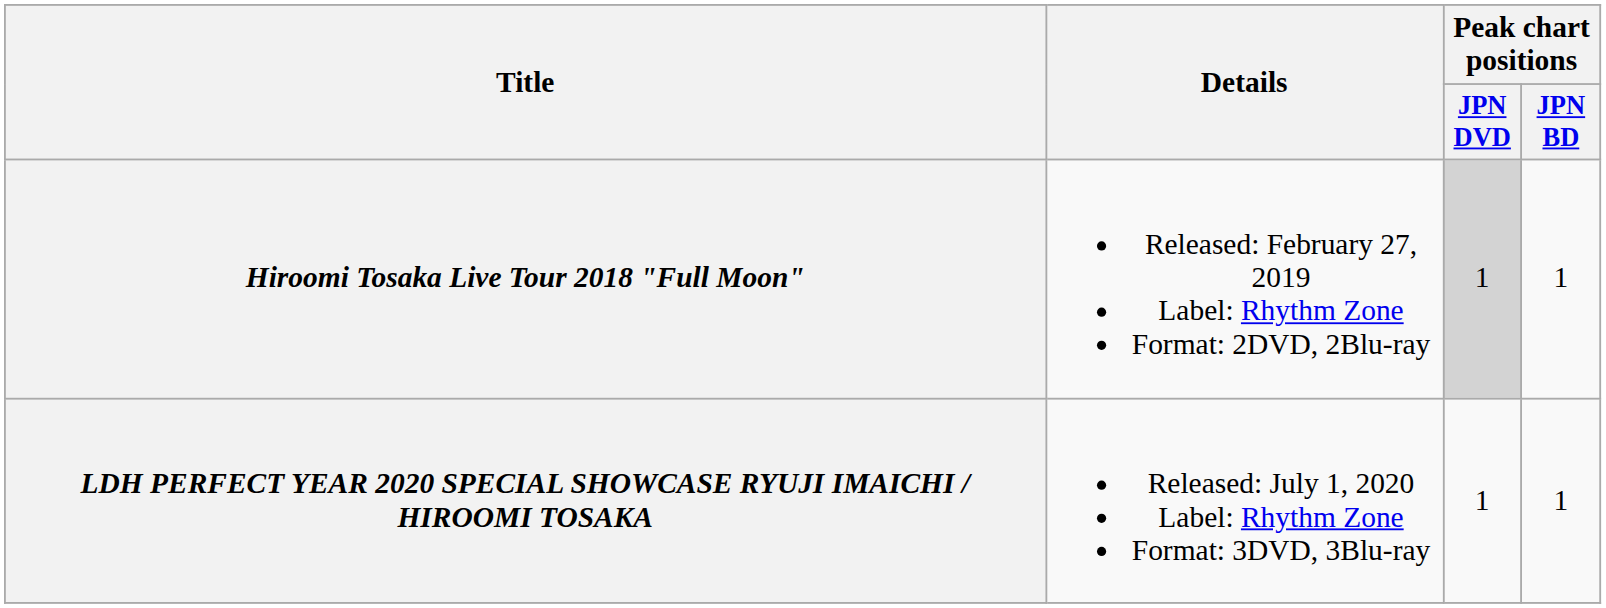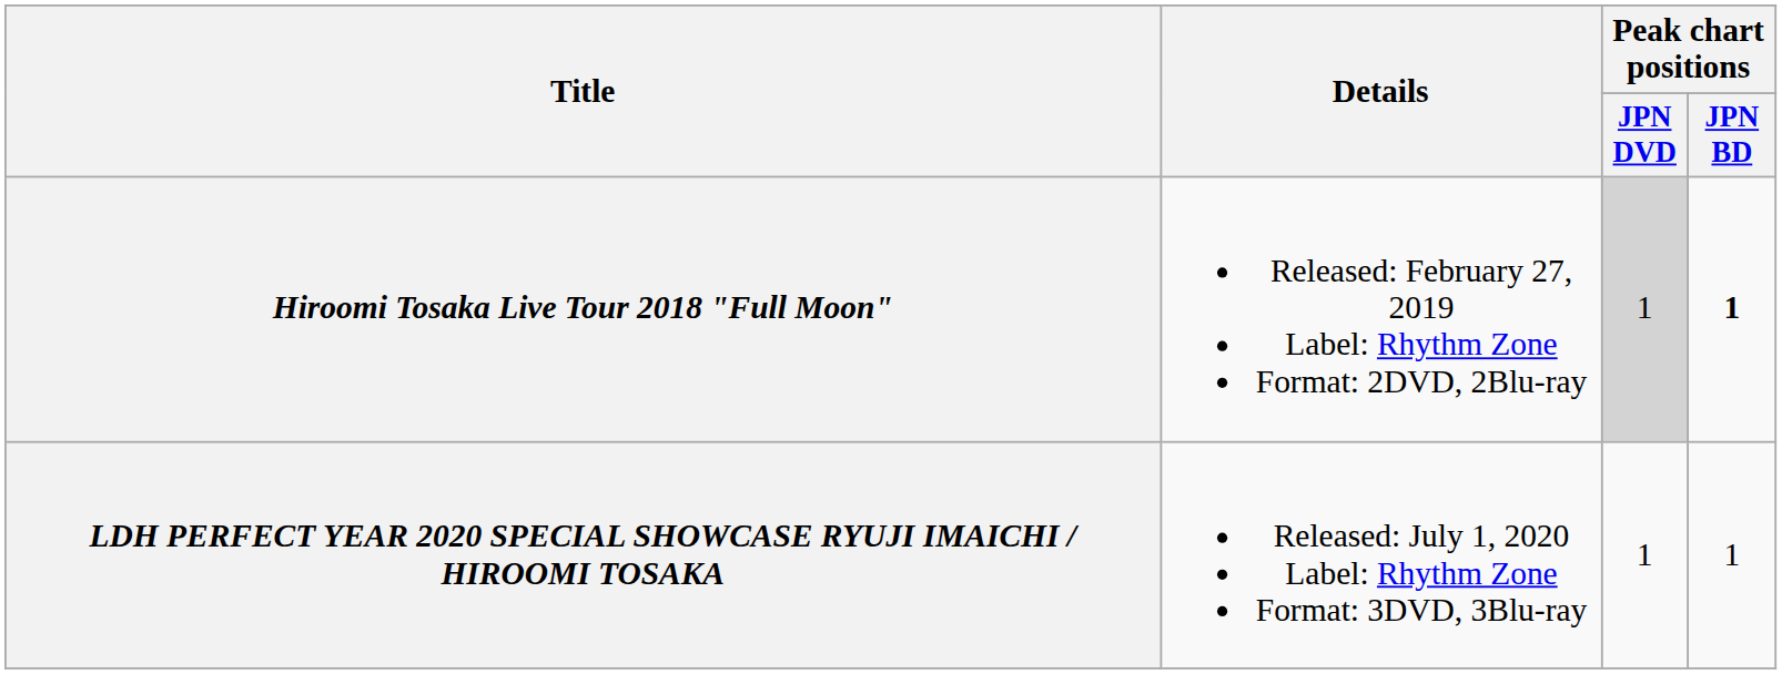 <table class="wikitable plainrowheaders" style="text-align:center">
 <tr>
 <th rowspan="2">Title</th>
 <th rowspan="2">Details</th>
 <th colspan="2">Peak chart positions</th>
 </tr>
 <tr>
 <th scope="col" style="width:2.5em;font-size:90%;"><a href='#'>JPN<br>DVD</a></th>
 <th scope="col" style="width:2.5em;font-size:90%;"><a href='#'>JPN<br>BD</a></th>
 </tr>
 <tr>
 <th scope="row"><em>Hiroomi Tosaka Live Tour 2018 "Full Moon"</em></th>
 <td><br><ul><li>Released: February 27, 2019</li><li>Label: <a href='#'>Rhythm Zone</a></li><li>Format: 2DVD, 2Blu-ray</li></ul></td>
 <td style="background: lightgrey;">1</td>
-<td>1</td>
+<td><strong>1</strong></td>
 </tr>
 <tr>
 <th scope="row"><em>LDH PERFECT YEAR 2020 SPECIAL SHOWCASE RYUJI IMAICHI / HIROOMI TOSAKA</em></th>
 <td><br><ul><li>Released: July 1, 2020</li><li>Label: <a href='#'>Rhythm Zone</a></li><li>Format: 3DVD, 3Blu-ray</li></ul></td>
 <td>1</td>
 <td>1</td>
 </tr>
 </table>
